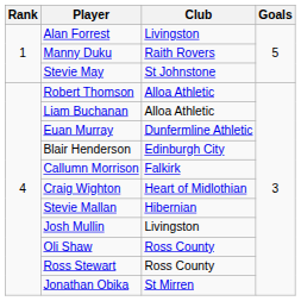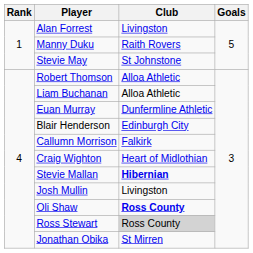 <table class="wikitable sortable" style="text-align:center">
 <tr>
 <th>Rank</th>
 <th>Player</th>
 <th>Club</th>
 <th>Goals</th>
 </tr>
 <tr>
 <td rowspan="3">1</td>
 <td align="left"> <a href='#'>Alan Forrest</a></td>
 <td align="left"><a href='#'>Livingston</a></td>
 <td rowspan="3">5</td>
 </tr>
 <tr>
 <td align="left"> <a href='#'>Manny Duku</a></td>
 <td align="left"><a href='#'>Raith Rovers</a></td>
 </tr>
 <tr>
 <td align="left"> <a href='#'>Stevie May</a></td>
 <td align="left"><a href='#'>St Johnstone</a></td>
 </tr>
 <tr>
 <td rowspan=11>4</td>
 <td align="left"> <a href='#'>Robert Thomson</a></td>
 <td align="left"><a href='#'>Alloa Athletic</a></td>
 <td rowspan=11>3</td>
 </tr>
 <tr>
 <td align="left"> <a href='#'>Liam Buchanan</a></td>
 <td align="left">Alloa Athletic</td>
 </tr>
 <tr>
 <td align="left"> <a href='#'>Euan Murray</a></td>
 <td align="left"><a href='#'>Dunfermline Athletic</a></td>
 </tr>
 <tr>
 <td align="left"> Blair Henderson</td>
 <td align="left"><a href='#'>Edinburgh City</a></td>
 </tr>
 <tr>
 <td align="left"> <a href='#'>Callumn Morrison</a></td>
 <td align="left"><a href='#'>Falkirk</a></td>
 </tr>
 <tr>
 <td align="left"> <a href='#'>Craig Wighton</a></td>
 <td align="left"><a href='#'>Heart of Midlothian</a></td>
 </tr>
 <tr>
 <td align="left"> <a href='#'>Stevie Mallan</a></td>
-<td align="left"><a href='#'>Hibernian</a></td>
+<td align="left"><strong><a href='#'>Hibernian</a></strong></td>
 </tr>
 <tr>
 <td align="left"> <a href='#'>Josh Mullin</a></td>
 <td align="left">Livingston</td>
 </tr>
 <tr>
 <td align="left"> <a href='#'>Oli Shaw</a></td>
-<td align="left"><a href='#'>Ross County</a></td>
+<td align="left"><strong><a href='#'>Ross County</a></strong></td>
 </tr>
 <tr>
 <td align="left"> <a href='#'>Ross Stewart</a></td>
-<td align="left">Ross County</td>
+<td align="left" style="background: lightgrey;">Ross County</td>
 </tr>
 <tr>
 <td align="left"> <a href='#'>Jonathan Obika</a></td>
 <td align="left"><a href='#'>St Mirren</a></td>
 </tr>
 </table>
